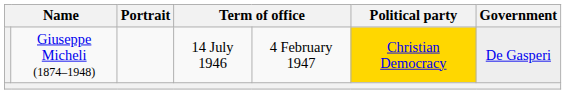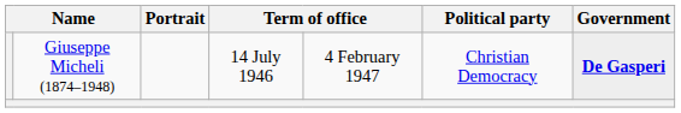 <table class="wikitable" style="text-align:center; width:70%">
 <tr>
 <th colspan=2>Name<br></th>
 <th>Portrait</th>
 <th colspan=2>Term of office</th>
 <th>Political party</th>
 <th>Government</th>
 </tr>
 <tr>
 <th style="background:"></th>
 <td><a href='#'>Giuseppe Micheli</a><br><small>(1874–1948)</small></td>
 <td></td>
 <td>14 July 1946</td>
 <td>4 February 1947</td>
-<td style="background: gold;"><a href='#'>Christian Democracy</a></td>
-<td bgcolor=#EEEEEE><a href='#'>De Gasperi</a></td>
+<td><a href='#'>Christian Democracy</a></td>
+<td bgcolor=#EEEEEE><strong><a href='#'>De Gasperi</a></strong></td>
 </tr>
 <tr>
 <th colspan=7></th>
 </tr>
 </table>
